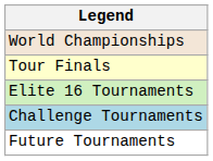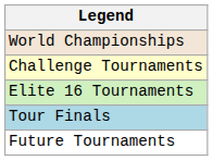 <table class= "wikitable mw-collapsible mw-collapsed" style=font-size:95%>
 <tr>
 <th>Legend</th>
 </tr>
 <tr bgcolor=f3e6d7>
 <td>World Championships</td>
 </tr>
 <tr bgcolor=#ffffcc>
-<td>Tour Finals</td>
+<td>Challenge Tournaments</td>
 </tr>
 <tr bgcolor=#d0f0c0>
 <td>Elite 16 Tournaments</td>
 </tr>
 <tr bgcolor=lightblue>
-<td>Challenge Tournaments</td>
+<td>Tour Finals</td>
 </tr>
 <tr bgcolor=#ffffff>
 <td>Future Tournaments</td>
 </tr>
 </table>
